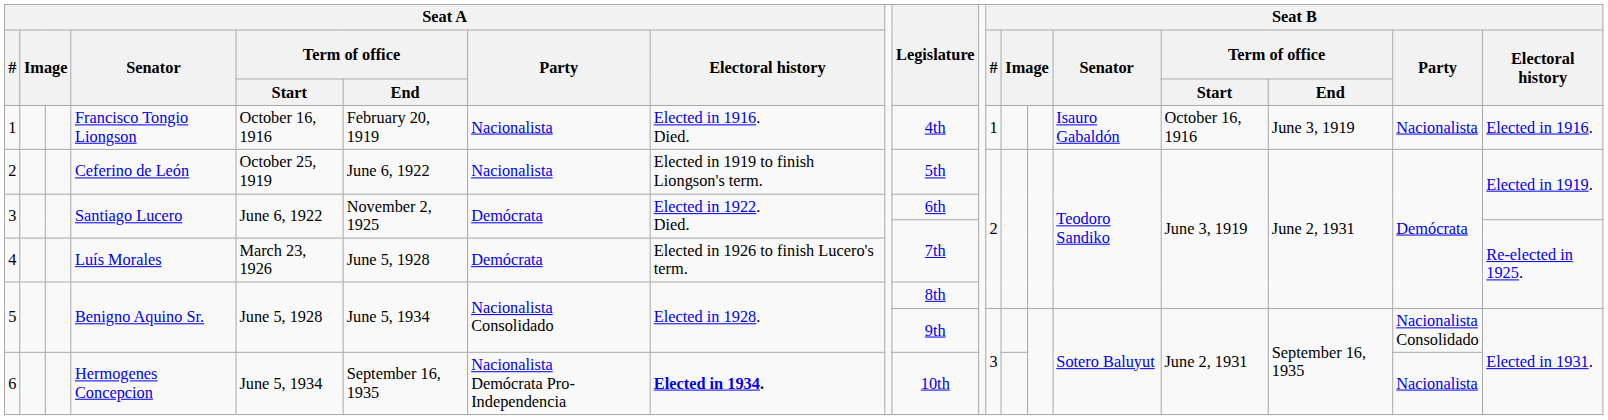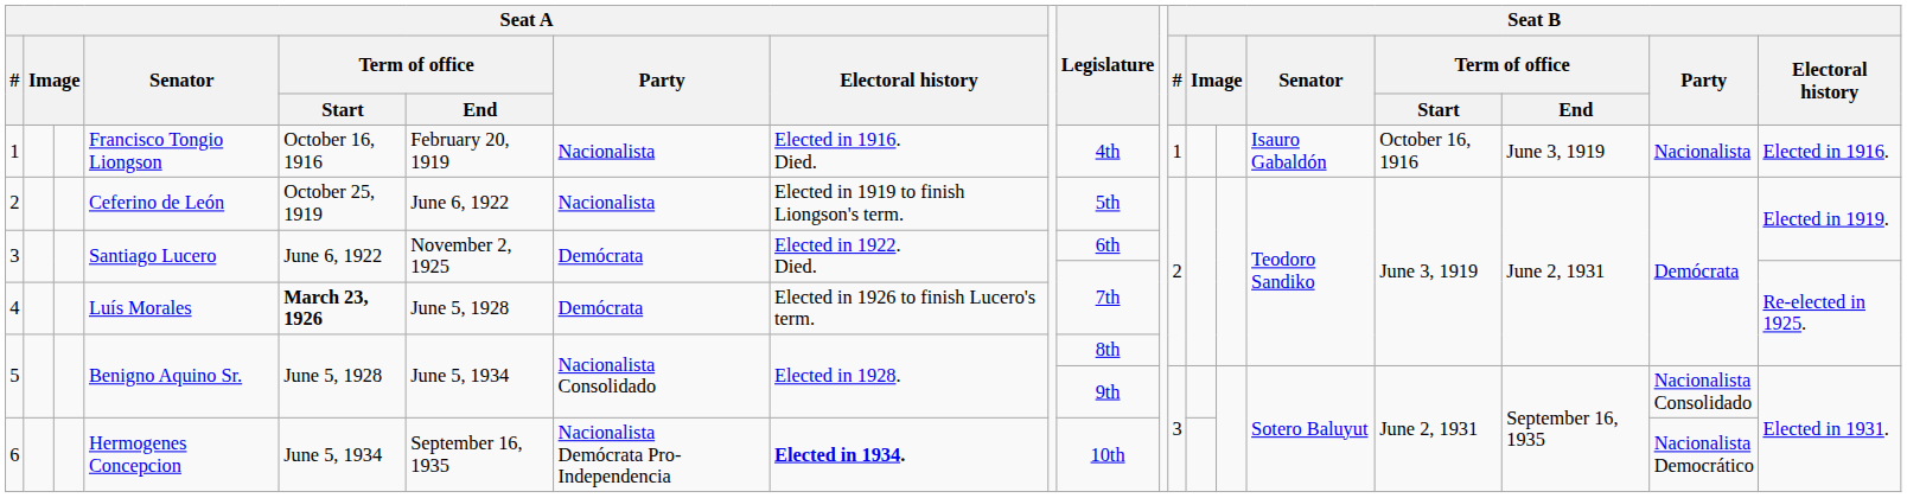 <table class="wikitable">
 <tr>
 <th colspan="8">Seat A</th>
 <td rowspan="99"></td>
 <th rowspan="3">Legislature</th>
 <td rowspan="99"></td>
 <th colspan="8">Seat B</th>
 </tr>
 <tr style="height:3em">
 <th rowspan="2">#</th>
 <th rowspan="2" colspan="2">Image</th>
 <th rowspan="2">Senator</th>
 <th colspan="2">Term of office</th>
 <th rowspan="2">Party</th>
 <th rowspan="2">Electoral history</th>
 <th rowspan="2">#</th>
 <th rowspan="2" colspan="2">Image</th>
 <th rowspan="2">Senator</th>
 <th colspan="2">Term of office</th>
 <th rowspan="2">Party</th>
 <th rowspan="2">Electoral history</th>
 </tr>
 <tr>
 <th>Start</th>
 <th>End</th>
 <th>Start</th>
 <th>End</th>
 </tr>
 <tr>
 <td style="text-align:center;">1</td>
 <td style="background:"></td>
 <td></td>
 <td><a href='#'>Francisco Tongio Liongson</a></td>
 <td>October 16, 1916</td>
 <td>February 20, 1919</td>
 <td><a href='#'>Nacionalista</a></td>
 <td><a href='#'>Elected in 1916</a>.<br>Died.</td>
 <td style="text-align:center;"><a href='#'>4th</a></td>
 <td style="text-align:center;">1</td>
 <td style="background:"></td>
 <td></td>
 <td><a href='#'>Isauro Gabaldón</a></td>
 <td>October 16, 1916</td>
 <td>June 3, 1919</td>
 <td><a href='#'>Nacionalista</a></td>
 <td><a href='#'>Elected in 1916</a>.</td>
 </tr>
 <tr>
 <td style="text-align:center;">2</td>
 <td style="background:"></td>
 <td></td>
 <td><a href='#'>Ceferino de León</a></td>
 <td>October 25, 1919</td>
 <td>June 6, 1922</td>
 <td><a href='#'>Nacionalista</a></td>
 <td>Elected in 1919 to finish Liongson's term.</td>
 <td style="text-align:center;"><a href='#'>5th</a></td>
 <td rowspan="5" style="text-align:center;">2</td>
 <td rowspan="5" style="background:"></td>
 <td rowspan="5"></td>
 <td rowspan="5"><a href='#'>Teodoro Sandiko</a></td>
 <td rowspan="5">June 3, 1919</td>
 <td rowspan="5">June 2, 1931</td>
 <td rowspan="5"><a href='#'>Demócrata</a></td>
 <td rowspan="2"><a href='#'>Elected in 1919</a>.</td>
 </tr>
 <tr>
 <td rowspan="2" style="text-align:center;">3</td>
 <td rowspan="2" style="background:"></td>
 <td rowspan="2"></td>
 <td rowspan="2"><a href='#'>Santiago Lucero</a></td>
 <td rowspan="2">June 6, 1922</td>
 <td rowspan="2">November 2, 1925</td>
 <td rowspan="2"><a href='#'>Demócrata</a></td>
 <td rowspan="2"><a href='#'>Elected in 1922</a>.<br>Died.</td>
 <td style="text-align:center;"><a href='#'>6th</a></td>
 </tr>
 <tr>
 <td rowspan="2" style="text-align:center;"><a href='#'>7th</a></td>
 <td rowspan="3"><a href='#'>Re-elected in 1925</a>.</td>
 </tr>
 <tr>
 <td style="text-align:center;">4</td>
 <td style="background:"></td>
 <td></td>
 <td><a href='#'>Luís Morales</a></td>
-<td>March 23, 1926</td>
+<td><strong>March 23, 1926</strong></td>
 <td>June 5, 1928</td>
 <td><a href='#'>Demócrata</a></td>
 <td>Elected in 1926 to finish Lucero's term.</td>
 </tr>
 <tr>
 <td rowspan="2" style="text-align:center;">5</td>
 <td rowspan="2" style="background:"></td>
 <td rowspan="2"></td>
 <td rowspan="2"><a href='#'>Benigno Aquino Sr.</a></td>
 <td rowspan="2">June 5, 1928</td>
 <td rowspan="2">June 5, 1934</td>
 <td rowspan="2"><a href='#'>Nacionalista</a><br>Consolidado</td>
 <td rowspan="2"><a href='#'>Elected in 1928</a>.</td>
 <td style="text-align:center;"><a href='#'>8th</a></td>
 </tr>
 <tr>
 <td style="text-align:center;"><a href='#'>9th</a></td>
 <td rowspan="2" style="text-align:center;">3</td>
 <td style="background:"></td>
 <td rowspan="2"></td>
 <td rowspan="2"><a href='#'>Sotero Baluyut</a></td>
 <td rowspan="2">June 2, 1931</td>
 <td rowspan="2">September 16, 1935</td>
 <td><a href='#'>Nacionalista</a><br>Consolidado</td>
 <td rowspan="2"><a href='#'>Elected in 1931</a>.</td>
 </tr>
 <tr>
 <td style="text-align:center;">6</td>
 <td style="background:"></td>
 <td></td>
 <td><a href='#'>Hermogenes Concepcion</a></td>
 <td>June 5, 1934</td>
 <td>September 16, 1935</td>
 <td><a href='#'>Nacionalista</a><br>Demócrata Pro-Independencia</td>
 <td><strong><a href='#'>Elected in 1934</a>.</strong></td>
 <td style="text-align:center;"><a href='#'>10th</a></td>
 <td style="background:"></td>
-<td><a href='#'>Nacionalista</a></td>
+<td><a href='#'>Nacionalista</a><br>Democrático</td>
 </tr>
 </table>
